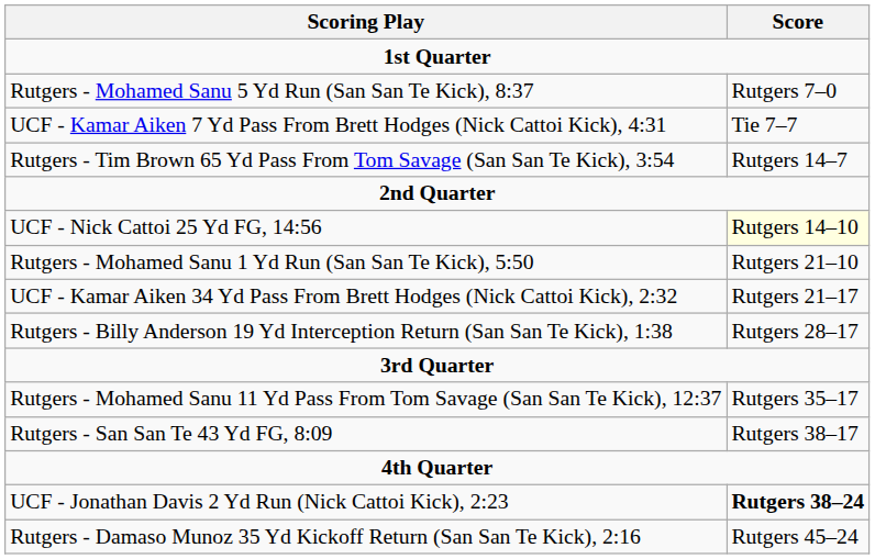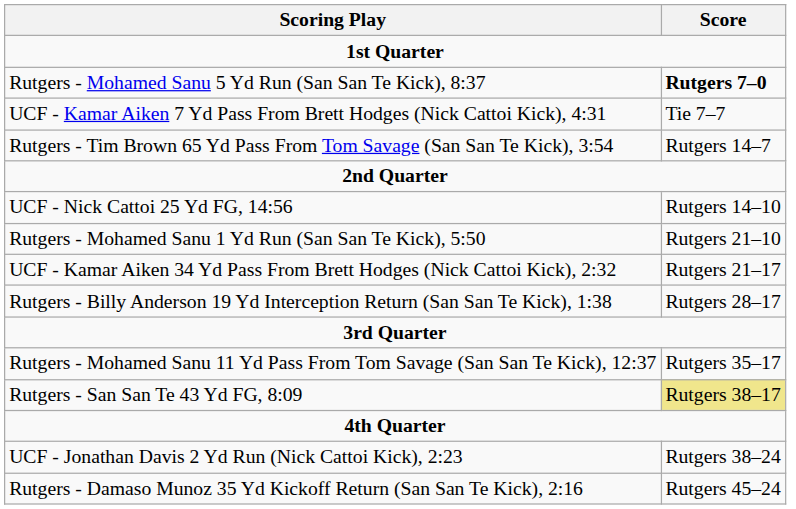 <table class="wikitable">
 <tr>
 <th>Scoring Play</th>
 <th>Score</th>
 </tr>
 <tr>
 <td colspan="4" align="center"><strong>1st Quarter</strong></td>
 </tr>
 <tr>
 <td>Rutgers - <a href='#'>Mohamed Sanu</a> 5 Yd Run (San San Te Kick), 8:37</td>
-<td>Rutgers 7–0</td>
+<td><strong>Rutgers 7–0</strong></td>
 </tr>
 <tr>
 <td>UCF - <a href='#'>Kamar Aiken</a> 7 Yd Pass From Brett Hodges (Nick Cattoi Kick), 4:31</td>
 <td>Tie 7–7</td>
 </tr>
 <tr>
 <td>Rutgers - Tim Brown 65 Yd Pass From <a href='#'>Tom Savage</a> (San San Te Kick), 3:54</td>
 <td>Rutgers 14–7</td>
 </tr>
 <tr>
 <td colspan="4" align="center"><strong>2nd Quarter</strong></td>
 </tr>
 <tr>
 <td>UCF - Nick Cattoi 25 Yd FG, 14:56</td>
-<td style="background: lightyellow;">Rutgers 14–10</td>
+<td>Rutgers 14–10</td>
 </tr>
 <tr>
 <td>Rutgers - Mohamed Sanu 1 Yd Run (San San Te Kick), 5:50</td>
 <td>Rutgers 21–10</td>
 </tr>
 <tr>
 <td>UCF - Kamar Aiken 34 Yd Pass From Brett Hodges (Nick Cattoi Kick), 2:32</td>
 <td>Rutgers 21–17</td>
 </tr>
 <tr>
 <td>Rutgers -  Billy Anderson 19 Yd Interception Return (San San Te Kick), 1:38</td>
 <td>Rutgers 28–17</td>
 </tr>
 <tr>
 <td colspan="4" align="center"><strong>3rd Quarter</strong></td>
 </tr>
 <tr>
 <td>Rutgers - Mohamed Sanu 11 Yd Pass From Tom Savage (San San Te Kick), 12:37</td>
 <td>Rutgers 35–17</td>
 </tr>
 <tr>
 <td>Rutgers - San San Te 43 Yd FG, 8:09</td>
-<td>Rutgers 38–17</td>
+<td style="background: khaki;">Rutgers 38–17</td>
 </tr>
 <tr>
 <td colspan="4" align="center"><strong>4th Quarter</strong></td>
 </tr>
 <tr>
 <td>UCF - Jonathan Davis 2 Yd Run (Nick Cattoi Kick), 2:23</td>
-<td><strong>Rutgers 38–24</strong></td>
+<td>Rutgers 38–24</td>
 </tr>
 <tr>
 <td>Rutgers -  Damaso Munoz 35 Yd Kickoff Return (San San Te Kick), 2:16</td>
 <td>Rutgers 45–24</td>
 </tr>
 </table>
